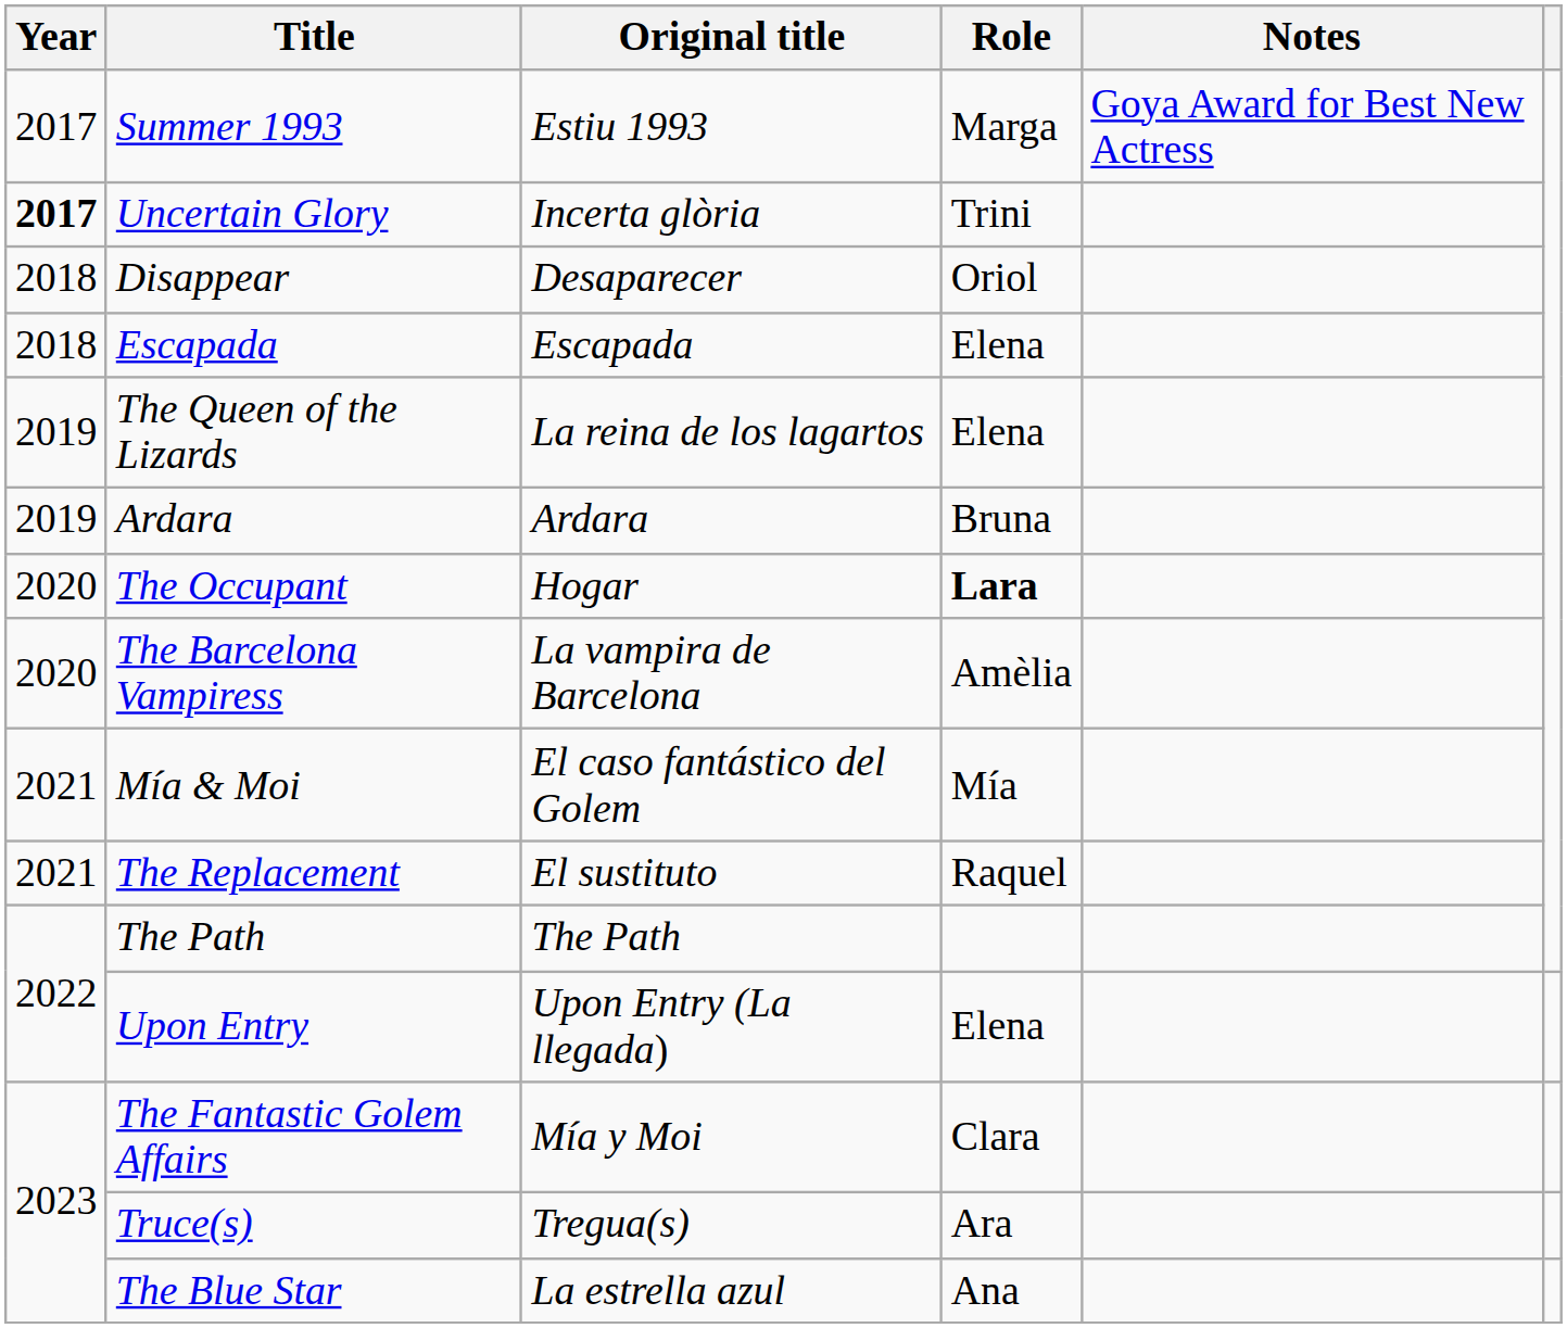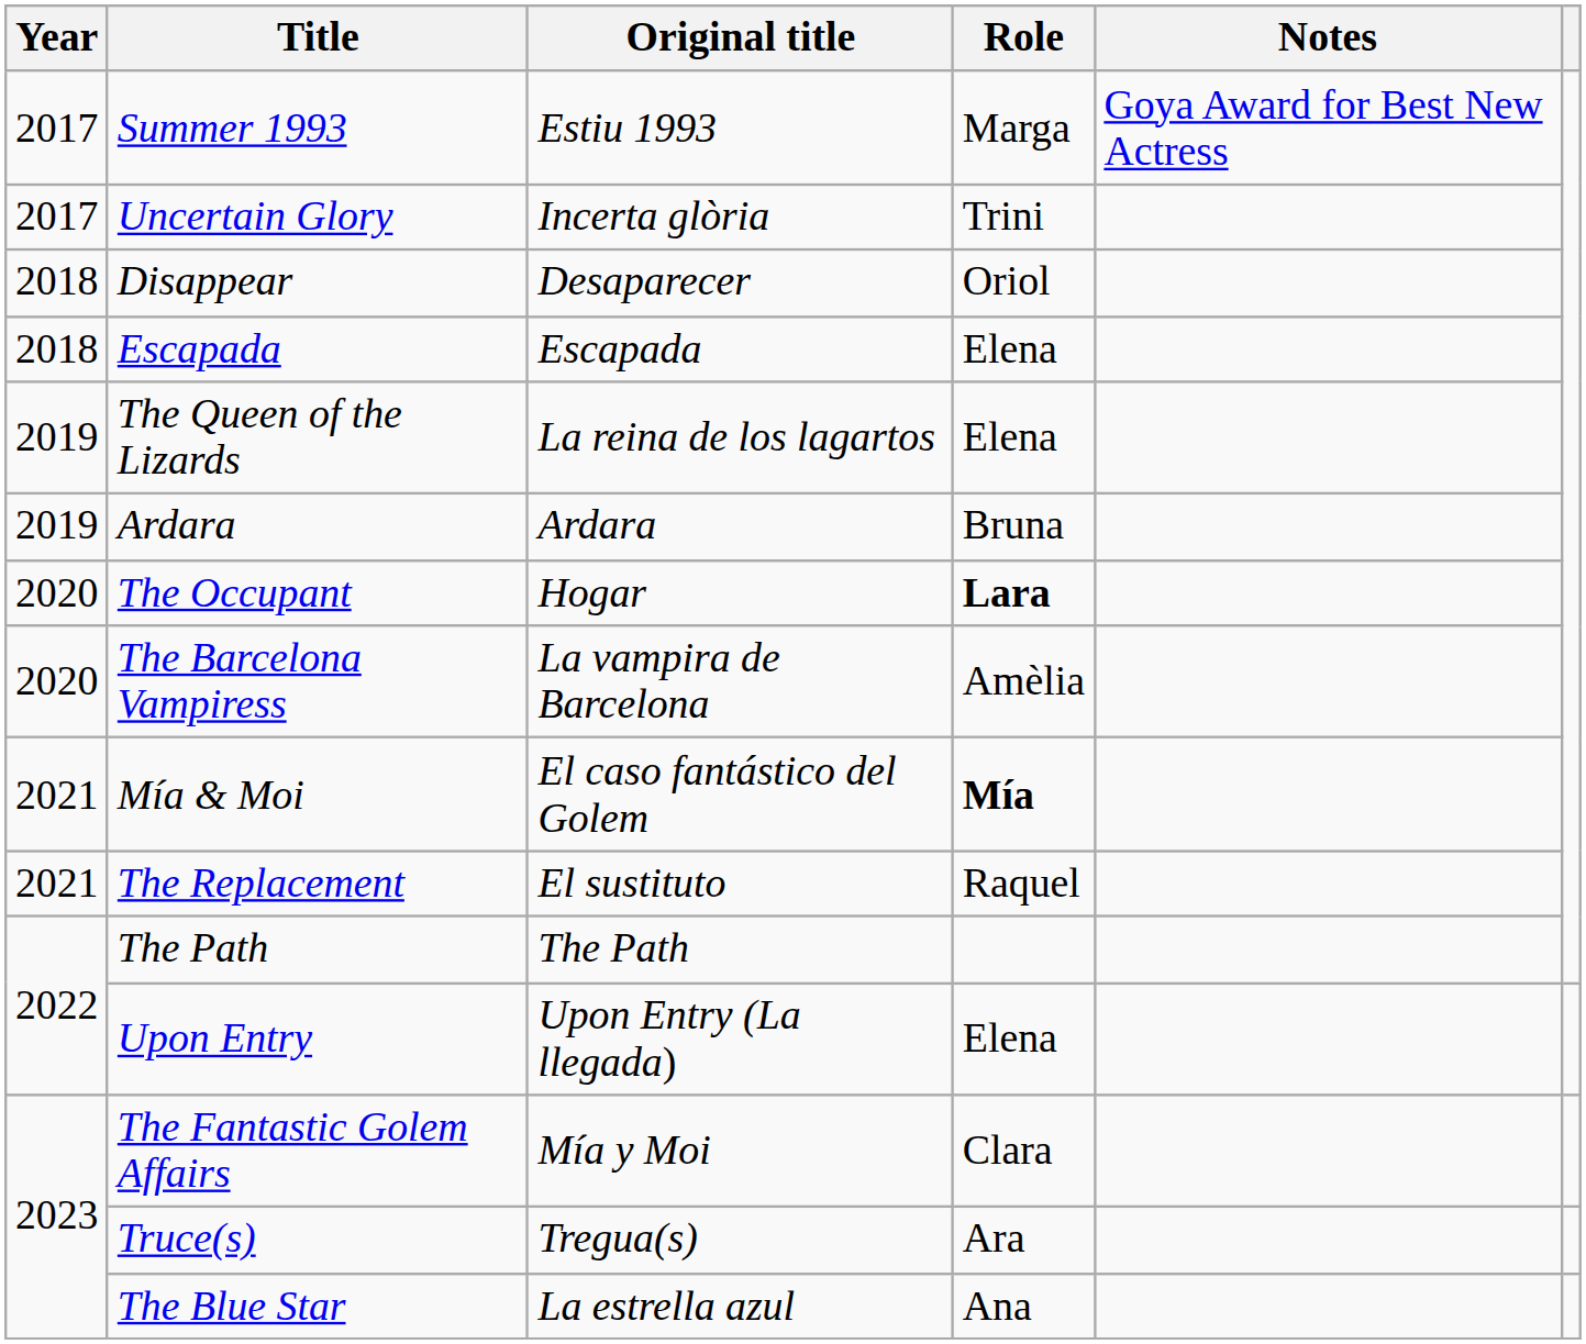 <table class="wikitable sortable">
 <tr>
 <th>Year</th>
 <th>Title</th>
 <th>Original title</th>
 <th>Role</th>
 <th class="unsortable">Notes</th>
 <th class="unsortable"></th>
 </tr>
 <tr>
 <td>2017</td>
 <td><em><a href='#'>Summer 1993</a></em></td>
 <td><em>Estiu 1993</em></td>
 <td>Marga</td>
 <td><a href='#'>Goya Award for Best New Actress</a></td>
 </tr>
 <tr>
-<td><strong>2017</strong></td>
+<td>2017</td>
 <td><em><a href='#'>Uncertain Glory</a></em></td>
 <td><em>Incerta glòria</em></td>
 <td>Trini</td>
 <td></td>
 </tr>
 <tr>
 <td>2018</td>
 <td><em>Disappear</em></td>
 <td><em>Desaparecer</em></td>
 <td>Oriol</td>
 <td></td>
 </tr>
 <tr>
 <td>2018</td>
 <td><em><a href='#'>Escapada</a></em></td>
 <td><em>Escapada</em></td>
 <td>Elena</td>
 <td></td>
 </tr>
 <tr>
 <td>2019</td>
 <td><em>The Queen of the Lizards</em></td>
 <td><em>La reina de los lagartos</em></td>
 <td>Elena</td>
 <td></td>
 </tr>
 <tr>
 <td>2019</td>
 <td><em>Ardara</em></td>
 <td><em>Ardara</em></td>
 <td>Bruna</td>
 <td></td>
 </tr>
 <tr>
 <td>2020</td>
 <td><em><a href='#'>The Occupant</a></em></td>
 <td><em>Hogar</em></td>
 <td><strong>Lara</strong></td>
 <td></td>
 </tr>
 <tr>
 <td>2020</td>
 <td><em><a href='#'>The Barcelona Vampiress</a></em></td>
 <td><em>La vampira de Barcelona</em></td>
 <td>Amèlia</td>
 <td></td>
 </tr>
 <tr>
 <td>2021</td>
 <td><em>Mía & Moi</em></td>
 <td><em>El caso fantástico del Golem</em></td>
-<td>Mía</td>
+<td><strong>Mía</strong></td>
 <td></td>
 </tr>
 <tr>
 <td>2021</td>
 <td><em><a href='#'>The Replacement</a></em></td>
 <td><em>El sustituto</em></td>
 <td>Raquel</td>
 <td></td>
 </tr>
 <tr>
 <td rowspan = "2">2022</td>
 <td><em>The Path</em></td>
 <td><em>The Path</em></td>
 <td></td>
 <td></td>
 </tr>
 <tr>
 <td><em><a href='#'>Upon Entry</a></em></td>
 <td><em>Upon Entry (La llegada</em>)</td>
 <td>Elena</td>
 <td></td>
 <td align = "center"></td>
 </tr>
 <tr>
 <td rowspan = "3">2023</td>
 <td><em><a href='#'>The Fantastic Golem Affairs</a></em></td>
 <td><em>Mía y Moi</em></td>
 <td>Clara</td>
 <td></td>
 <td align = "center"></td>
 </tr>
 <tr>
 <td><em><a href='#'>Truce(s)</a></em></td>
 <td><em>Tregua(s)</em></td>
 <td>Ara</td>
 <td></td>
 <td align = "center"></td>
 </tr>
 <tr>
 <td><em><a href='#'>The Blue Star</a></em></td>
 <td><em>La estrella azul</em></td>
 <td>Ana</td>
 <td></td>
 <td></td>
 </tr>
 <tr>
 </tr>
 </table>
